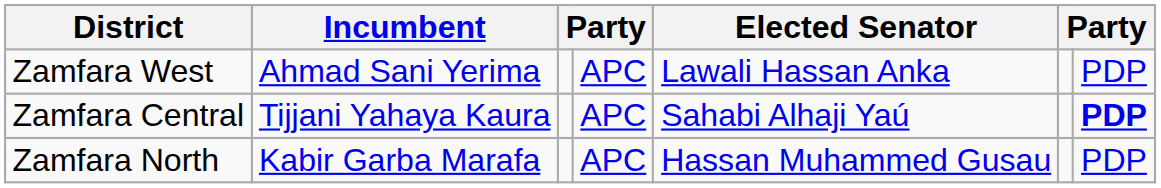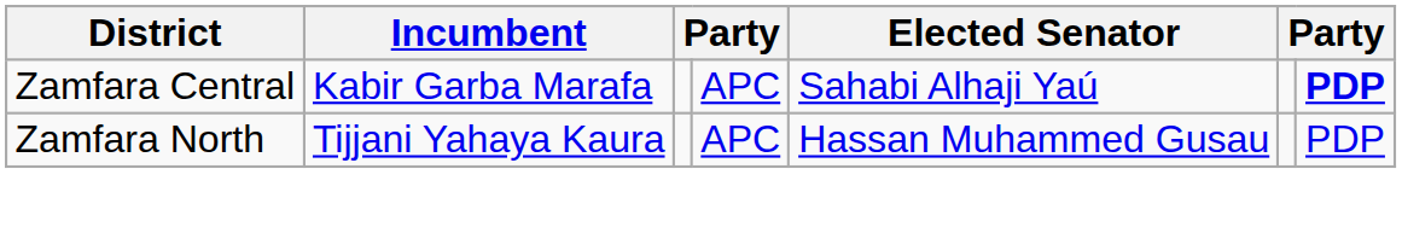 <table class="sortable wikitable" style="font-size:95%;line-height:14px;">
 <tr>
 <th class="unsortable">District</th>
 <th class="unsortable"><a href='#'>Incumbent</a></th>
 <th colspan="2">Party</th>
 <th class="unsortable">Elected Senator</th>
 <th colspan="2">Party</th>
 </tr>
 <tr>
-<td>Zamfara West</td>
-<td><a href='#'>Ahmad Sani Yerima</a></td>
-<td style="background:"></td>
-<td><a href='#'>APC</a></td>
-<td><a href='#'>Lawali Hassan Anka</a></td>
-<td style="background:"></td>
-<td><a href='#'>PDP</a></td>
-</tr>
-<tr>
 <td>Zamfara Central</td>
-<td><a href='#'>Tijjani Yahaya Kaura</a></td>
+<td><a href='#'>Kabir Garba Marafa</a></td>
 <td style="background:"></td>
 <td><a href='#'>APC</a></td>
 <td><a href='#'>Sahabi Alhaji Yaú</a></td>
 <td style="background:"></td>
 <td><strong><a href='#'>PDP</a></strong></td>
 </tr>
 <tr>
 <td>Zamfara North</td>
-<td><a href='#'>Kabir Garba Marafa</a></td>
+<td><a href='#'>Tijjani Yahaya Kaura</a></td>
 <td style="background:"></td>
 <td><a href='#'>APC</a></td>
 <td><a href='#'>Hassan Muhammed Gusau</a></td>
 <td style="background:"></td>
 <td><a href='#'>PDP</a></td>
 </tr>
 </table>
